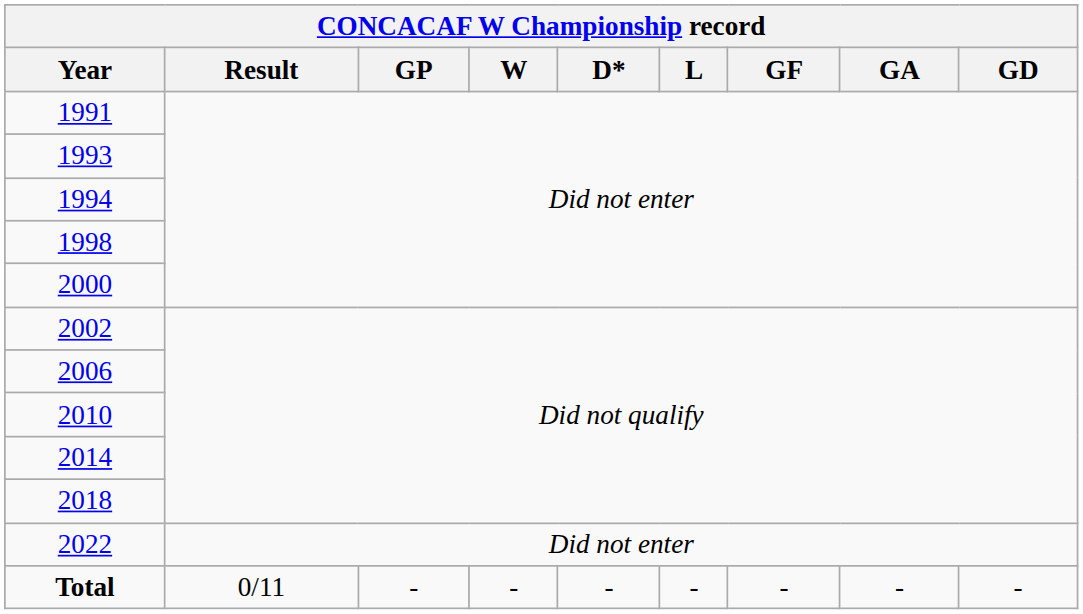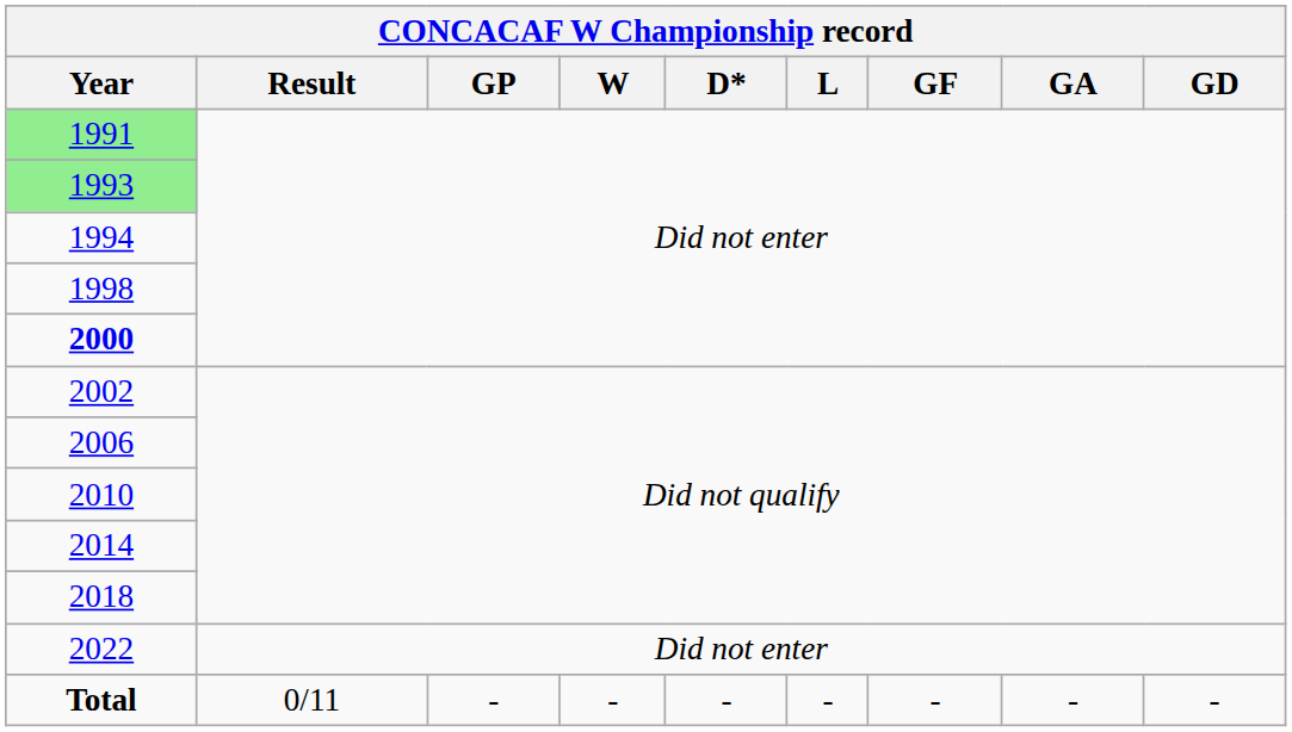 <table class="wikitable" style="text-align: center; width:50%;">
 <tr>
 <th colspan=10><a href='#'>CONCACAF W Championship</a> record</th>
 </tr>
 <tr>
 <th>Year</th>
 <th>Result</th>
 <th>GP</th>
 <th>W</th>
 <th>D*</th>
 <th>L</th>
 <th>GF</th>
 <th>GA</th>
 <th>GD</th>
 </tr>
 <tr>
-<td> <a href='#'>1991</a></td>
+<td style="background: lightgreen;"> <a href='#'>1991</a></td>
 <td colspan=8 rowspan=5><em>Did not enter</em></td>
 </tr>
 <tr>
-<td> <a href='#'>1993</a></td>
+<td style="background: lightgreen;"> <a href='#'>1993</a></td>
 </tr>
 <tr>
 <td> <a href='#'>1994</a></td>
 </tr>
 <tr>
 <td> <a href='#'>1998</a></td>
 </tr>
 <tr>
-<td> <a href='#'>2000</a></td>
+<td><strong> <a href='#'>2000</a></strong></td>
 </tr>
 <tr>
 <td> <a href='#'>2002</a></td>
 <td colspan=8 rowspan=5><em>Did not qualify</em></td>
 </tr>
 <tr>
 <td> <a href='#'>2006</a></td>
 </tr>
 <tr>
 <td> <a href='#'>2010</a></td>
 </tr>
 <tr>
 <td> <a href='#'>2014</a></td>
 </tr>
 <tr>
 <td> <a href='#'>2018</a></td>
 </tr>
 <tr>
 <td> <a href='#'>2022</a></td>
 <td colspan=8><em>Did not enter</em></td>
 </tr>
 <tr>
 <td><strong>Total</strong></td>
 <td>0/11</td>
 <td>-</td>
 <td>-</td>
 <td>-</td>
 <td>-</td>
 <td>-</td>
 <td>-</td>
 <td>-</td>
 </tr>
 </table>
